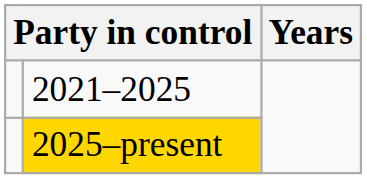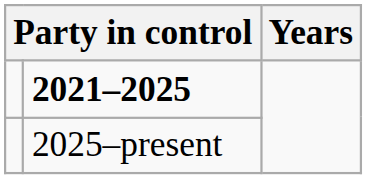 <table class="wikitable">
 <tr>
 <th colspan="2">Party in control</th>
 <th>Years</th>
 </tr>
 <tr>
 <td></td>
-<td>2021–2025</td>
+<td><strong>2021–2025</strong></td>
 </tr>
 <tr>
 <td></td>
-<td style="background: gold;">2025–present</td>
+<td>2025–present</td>
 </tr>
 </table>
